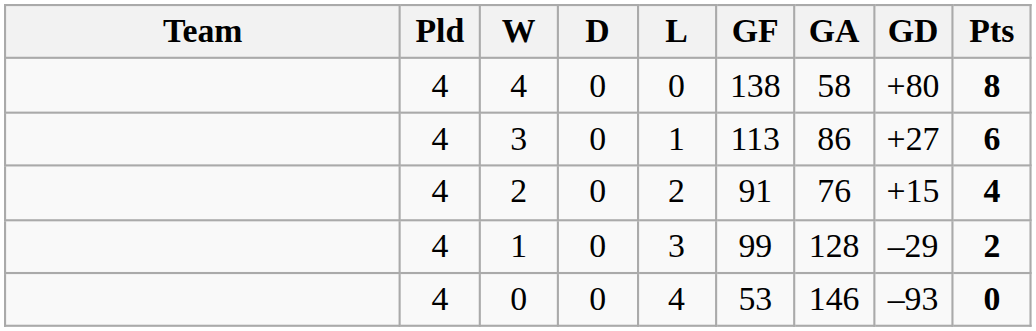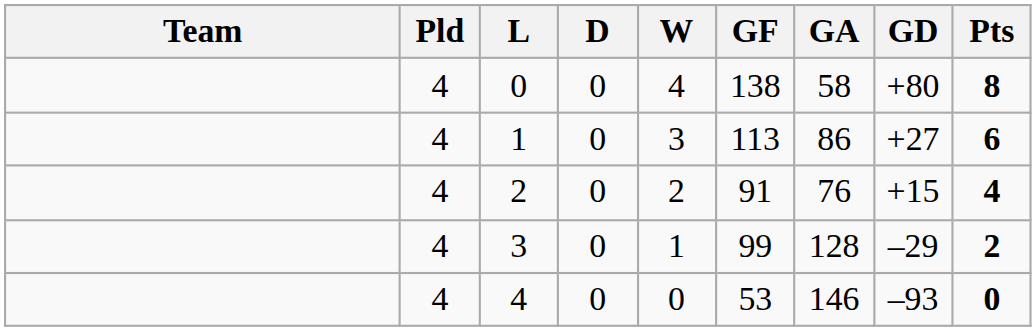 <table class="wikitable" style="text-align: center;">
 <tr>
 <th width="180">Team</th>
 <th width="30">Pld</th>
+<th width="30">L</th>
+<th width="30">D</th>
 <th width="30">W</th>
-<th width="30">D</th>
-<th width="30">L</th>
 <th width="30">GF</th>
 <th width="30">GA</th>
 <th width="30">GD</th>
 <th width="30">Pts</th>
 </tr>
 <tr>
 <td align="left"></td>
 <td>4</td>
-<td>4</td>
 <td>0</td>
 <td>0</td>
+<td>4</td>
 <td>138</td>
 <td>58</td>
 <td>+80</td>
 <td><strong>8</strong></td>
 </tr>
 <tr>
 <td align="left"></td>
 <td>4</td>
+<td>1</td>
+<td>0</td>
 <td>3</td>
-<td>0</td>
-<td>1</td>
 <td>113</td>
 <td>86</td>
 <td>+27</td>
 <td><strong>6</strong></td>
 </tr>
 <tr>
 <td align="left"></td>
 <td>4</td>
 <td>2</td>
 <td>0</td>
 <td>2</td>
 <td>91</td>
 <td>76</td>
 <td>+15</td>
 <td><strong>4</strong></td>
 </tr>
 <tr>
 <td align="left"></td>
 <td>4</td>
+<td>3</td>
+<td>0</td>
 <td>1</td>
-<td>0</td>
-<td>3</td>
 <td>99</td>
 <td>128</td>
 <td>–29</td>
 <td><strong>2</strong></td>
 </tr>
 <tr>
 <td align="left"></td>
 <td>4</td>
+<td>4</td>
 <td>0</td>
 <td>0</td>
-<td>4</td>
 <td>53</td>
 <td>146</td>
 <td>–93</td>
 <td><strong>0</strong></td>
 </tr>
 </table>
